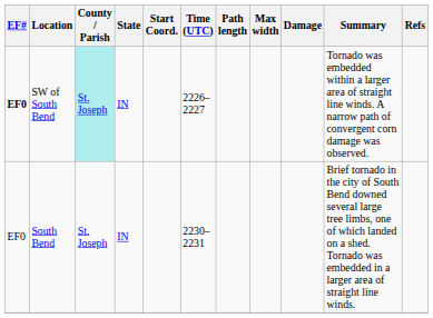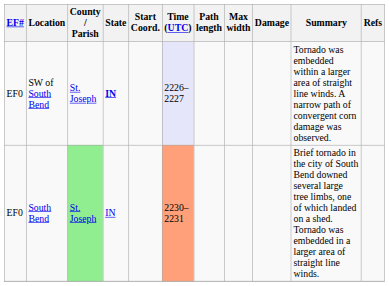 <table class="wikitable sortable" style="width:100%;">
 <tr>
 <th scope="col"  style="width:3%; text-align:center;"><a href='#'>EF#</a></th>
 <th scope="col"  style="width:7%; text-align:center;" class="unsortable">Location</th>
 <th scope="col"  style="width:6%; text-align:center;" class="unsortable">County / Parish</th>
 <th scope="col"  style="width:5%; text-align:center;">State</th>
 <th scope="col"  style="width:6%; text-align:center;">Start Coord.</th>
 <th scope="col"  style="width:6%; text-align:center;">Time (<a href='#'>UTC</a>)</th>
 <th scope="col"  style="width:6%; text-align:center;">Path length</th>
 <th scope="col"  style="width:6%; text-align:center;">Max width</th>
 <th scope="col"  style="width:6%; text-align:center;">Damage</th>
 <th scope="col" class="unsortable" style="width:48%; text-align:center;">Summary</th>
 <th scope="col" class="unsortable" style="width:48%; text-align:center;">Refs</th>
 </tr>
 <tr>
-<td><strong>EF0</strong></td>
+<td>EF0</td>
 <td>SW of <a href='#'>South Bend</a></td>
-<td style="background: paleturquoise;"><a href='#'>St. Joseph</a></td>
-<td><a href='#'>IN</a></td>
+<td><a href='#'>St. Joseph</a></td>
+<td><strong><a href='#'>IN</a></strong></td>
 <td></td>
-<td>2226–2227</td>
+<td style="background: lavender;">2226–2227</td>
 <td></td>
 <td></td>
 <td></td>
 <td>Tornado was embedded within a larger area of straight line winds. A narrow path of convergent corn damage was observed.</td>
 <td></td>
 </tr>
 <tr>
 <td>EF0</td>
 <td><a href='#'>South Bend</a></td>
-<td><a href='#'>St. Joseph</a></td>
+<td style="background: lightgreen;"><a href='#'>St. Joseph</a></td>
 <td><a href='#'>IN</a></td>
 <td></td>
-<td>2230–2231</td>
+<td style="background: lightsalmon;">2230–2231</td>
 <td></td>
 <td></td>
 <td></td>
 <td>Brief tornado in the city of South Bend downed several large tree limbs, one of which landed on a shed. Tornado was embedded in a larger area of straight line winds.</td>
 <td></td>
 </tr>
 <tr>
 </tr>
 </table>
